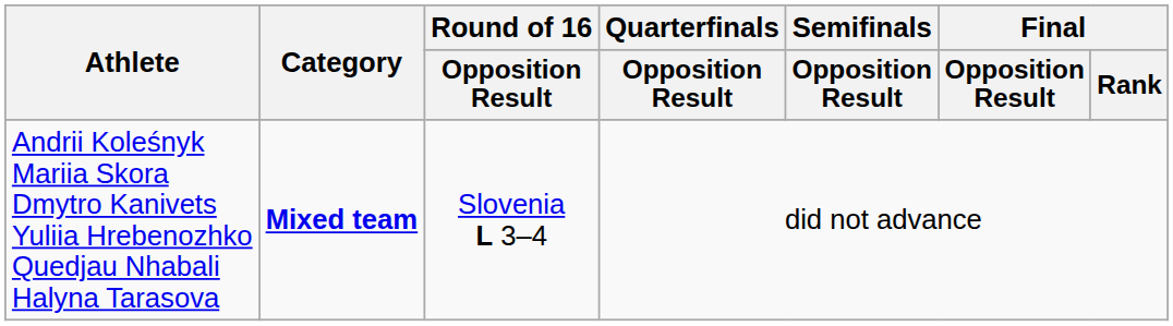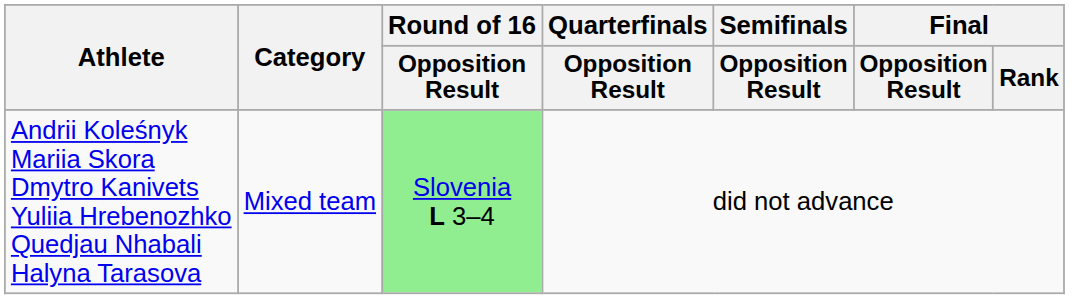 <table class="wikitable" style="text-align:center; font-size:90%">
 <tr>
 <th rowspan=2>Athlete</th>
 <th rowspan=2>Category</th>
 <th>Round of 16</th>
 <th>Quarterfinals</th>
 <th>Semifinals</th>
 <th colspan=2>Final</th>
 </tr>
 <tr style="font-size:95%">
 <th>Opposition<br>Result</th>
 <th>Opposition<br>Result</th>
 <th>Opposition<br>Result</th>
 <th>Opposition<br>Result</th>
 <th>Rank</th>
 </tr>
 <tr>
 <td align=left><a href='#'>Andrii Koleśnyk</a><br><a href='#'>Mariia Skora</a><br><a href='#'>Dmytro Kanivets</a><br><a href='#'>Yuliia Hrebenozhko</a><br><a href='#'>Quedjau Nhabali</a><br><a href='#'>Halyna Tarasova</a></td>
-<td align=left><strong><a href='#'>Mixed team</a></strong></td>
-<td> <a href='#'>Slovenia</a><br> <strong>L</strong> 3–4</td>
+<td align=left><a href='#'>Mixed team</a></td>
+<td style="background: lightgreen;"> <a href='#'>Slovenia</a><br> <strong>L</strong> 3–4</td>
 <td colspan=4>did not advance</td>
 </tr>
 </table>
